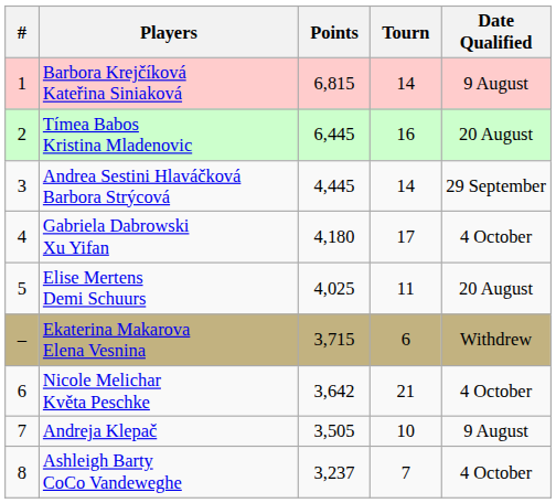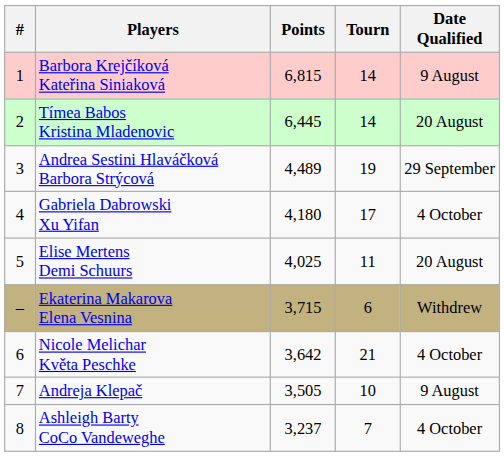 <table class="sortable wikitable"  style="float:right; text-align:center; font-size:90%; text:justify; margin-left:10px; margin-bottom:10px;">
 <tr>
 <th width=20>#</th>
 <th width=200>Players</th>
 <th width=50>Points</th>
 <th width=50>Tourn</th>
 <th width=80>Date Qualified</th>
 </tr>
 <tr style="background:#fcc;">
 <td>1</td>
 <td align=left> <a href='#'>Barbora Krejčíková</a> <br>  <a href='#'>Kateřina Siniaková</a></td>
 <td>6,815</td>
 <td>14</td>
 <td>9 August</td>
 </tr>
 <tr style="background:#cfc;">
 <td>2</td>
 <td align=left> <a href='#'>Tímea Babos</a> <br>  <a href='#'>Kristina Mladenovic</a></td>
 <td>6,445</td>
-<td>16</td>
+<td>14</td>
 <td>20 August</td>
 </tr>
 <tr>
 <td>3</td>
 <td align=left> <a href='#'>Andrea Sestini Hlaváčková</a> <br>  <a href='#'>Barbora Strýcová</a></td>
-<td>4,445</td>
-<td>14</td>
+<td>4,489</td>
+<td>19</td>
 <td>29 September</td>
 </tr>
 <tr>
 <td>4</td>
 <td align=left> <a href='#'>Gabriela Dabrowski</a> <br>  <a href='#'>Xu Yifan</a></td>
 <td>4,180</td>
 <td>17</td>
 <td>4 October</td>
 </tr>
 <tr>
 <td>5</td>
 <td align=left> <a href='#'>Elise Mertens</a> <br>  <a href='#'>Demi Schuurs</a></td>
 <td>4,025</td>
 <td>11</td>
 <td>20 August</td>
 </tr>
 <tr style="background:#C2B280;">
 <td>–</td>
 <td align=left> <a href='#'>Ekaterina Makarova</a> <br>  <a href='#'>Elena Vesnina</a></td>
 <td>3,715</td>
 <td>6</td>
 <td>Withdrew</td>
 </tr>
 <tr>
 <td>6</td>
 <td align=left> <a href='#'>Nicole Melichar</a> <br>  <a href='#'>Květa Peschke</a></td>
 <td>3,642</td>
 <td>21</td>
 <td>4 October</td>
 </tr>
 <tr>
 <td>7</td>
 <td align=left> <a href='#'>Andreja Klepač</a> <br> </td>
 <td>3,505</td>
 <td>10</td>
 <td>9 August</td>
 </tr>
 <tr>
 <td>8</td>
 <td align=left> <a href='#'>Ashleigh Barty</a> <br>  <a href='#'>CoCo Vandeweghe</a></td>
 <td>3,237</td>
 <td>7</td>
 <td>4 October</td>
 </tr>
 </table>
